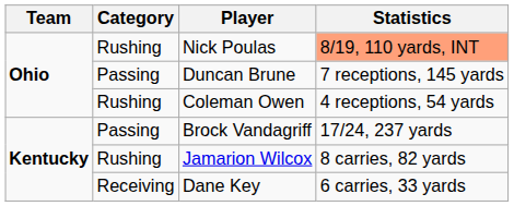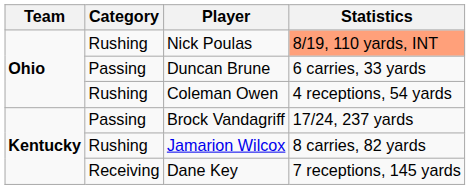 <table class="wikitable" style="float: right;">
 <tr>
 <th>Team</th>
 <th>Category</th>
 <th>Player</th>
 <th>Statistics</th>
 </tr>
 <tr>
 <td rowspan=3><strong>Ohio</strong></td>
 <td>Rushing</td>
 <td>Nick Poulas</td>
 <td style="background: lightsalmon;">8/19, 110 yards, INT</td>
 </tr>
 <tr>
 <td>Passing</td>
 <td>Duncan Brune</td>
-<td>7 receptions, 145 yards</td>
+<td>6 carries, 33 yards</td>
 </tr>
 <tr>
 <td>Rushing</td>
 <td>Coleman Owen</td>
 <td>4 receptions, 54 yards</td>
 </tr>
 <tr>
 <td rowspan=3><strong>Kentucky</strong></td>
 <td>Passing</td>
 <td>Brock Vandagriff</td>
 <td>17/24, 237 yards</td>
 </tr>
 <tr>
 <td>Rushing</td>
 <td><a href='#'>Jamarion Wilcox</a></td>
 <td>8 carries, 82 yards</td>
 </tr>
 <tr>
 <td>Receiving</td>
 <td>Dane Key</td>
-<td>6 carries, 33 yards</td>
+<td>7 receptions, 145 yards</td>
 </tr>
 </table>
